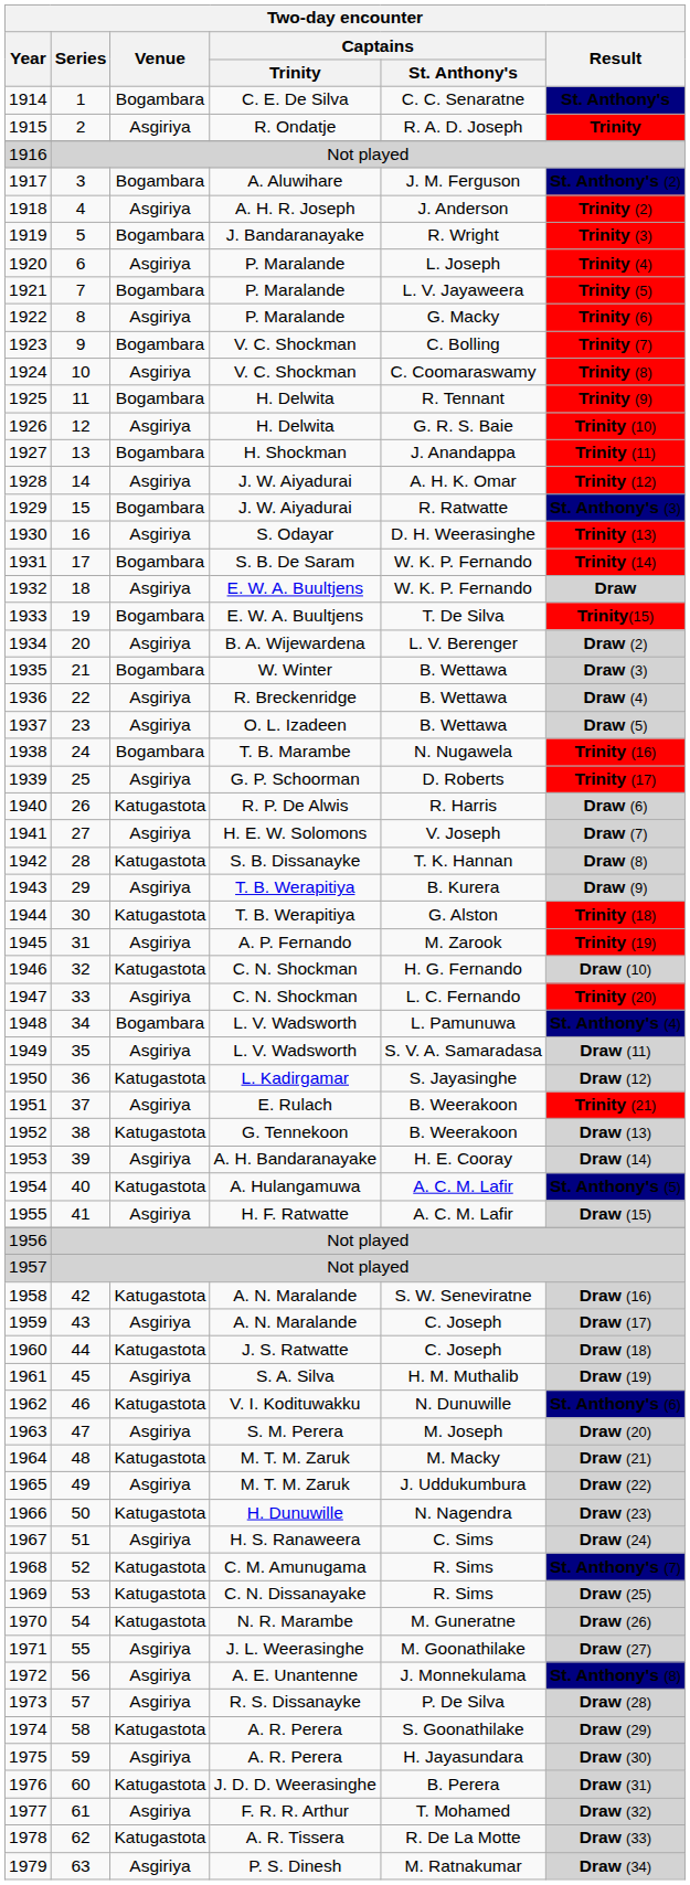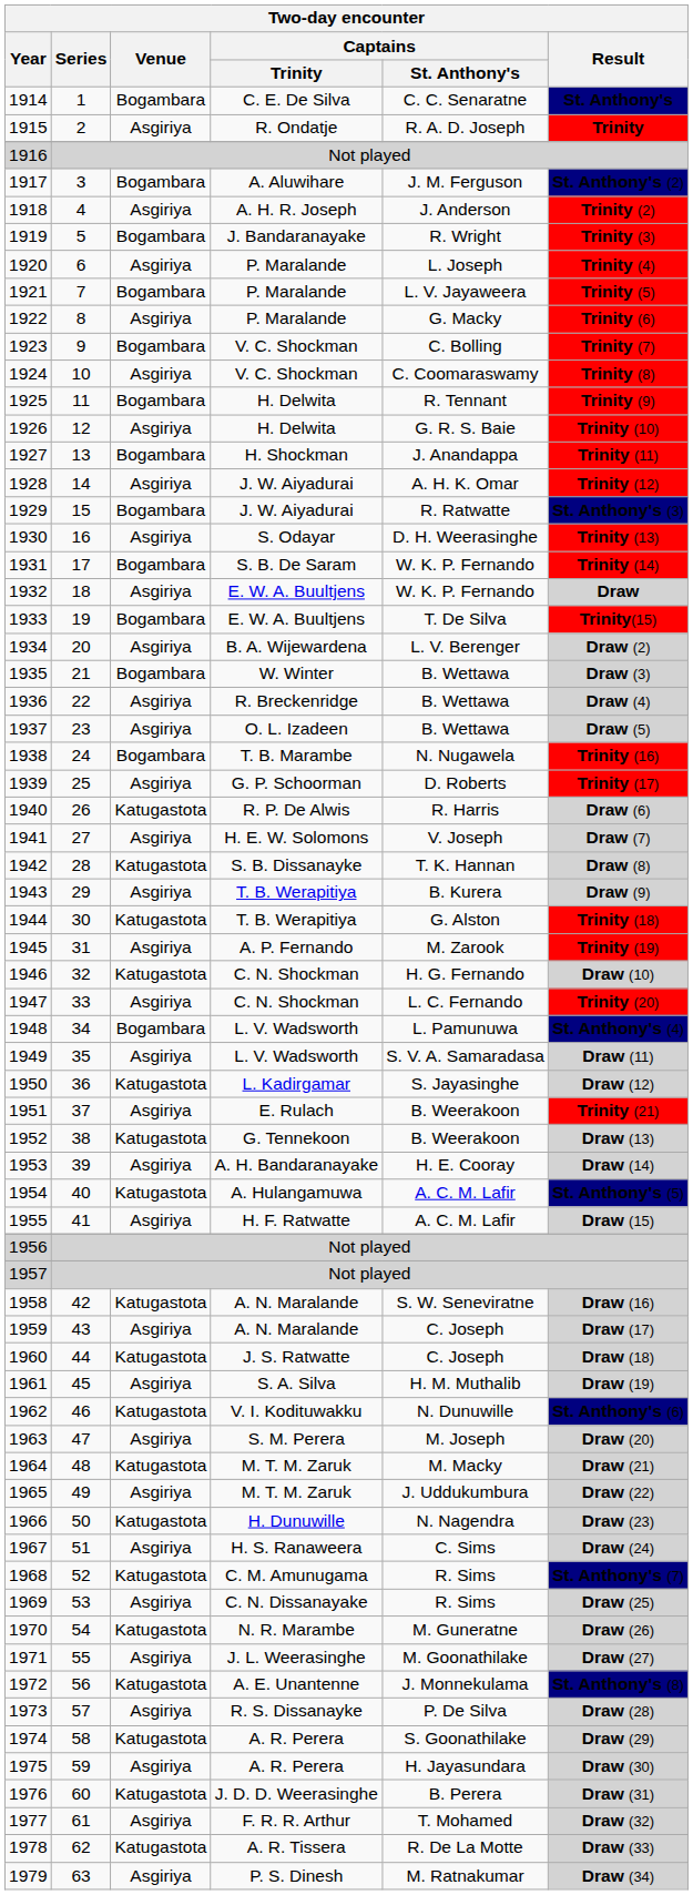 <table class="wikitable sortable sticky-header-multi mw-collapsible" style="font-size:100%; text-align:center">
 <tr>
 <th colspan=6 style="color:; background:;">Two-day encounter</th>
 </tr>
 <tr>
 <th rowspan=2 class="unsortable">Year</th>
 <th rowspan=2 class="unsortable">Series</th>
 <th rowspan=2>Venue</th>
 <th colspan=2>Captains</th>
 <th rowspan=2>Result</th>
 </tr>
 <tr>
 <th class="unsortable">Trinity</th>
 <th class="unsortable">St. Anthony's</th>
 </tr>
 <tr>
 <td align="center">1914</td>
 <td align="center">1</td>
 <td align="center">Bogambara</td>
 <td align="center">C. E. De Silva</td>
 <td align="center">C. C. Senaratne</td>
 <td bgcolor="#000080" align=center><span><strong>St. Anthony's</strong></span></td>
 </tr>
 <tr>
 <td align="center">1915</td>
 <td align="center">2</td>
 <td align="center">Asgiriya</td>
 <td align="center">R. Ondatje</td>
 <td align="center">R. A. D. Joseph</td>
 <td bgcolor="#FF0000" align=center><span><strong>Trinity</strong></span></td>
 </tr>
 <tr>
 </tr>
 <tr style="background:#D3D3D3">
 <td align="center">1916</td>
 <td colspan="5" align=center>Not played</td>
 </tr>
 <tr>
 <td align="center">1917</td>
 <td align="center">3</td>
 <td align="center">Bogambara</td>
 <td align="center">A. Aluwihare</td>
 <td align="center">J. M. Ferguson</td>
 <td bgcolor="#000080" align=center><span><strong>St. Anthony's</strong> <small>(2)</small></span></td>
 </tr>
 <tr>
 <td align="center">1918</td>
 <td align="center">4</td>
 <td align="center">Asgiriya</td>
 <td align="center">A. H. R. Joseph</td>
 <td align="center">J. Anderson</td>
 <td bgcolor="#FF0000" align=center><span><strong>Trinity</strong> <small>(2)</small></span></td>
 </tr>
 <tr>
 <td align="center">1919</td>
 <td align="center">5</td>
 <td align="center">Bogambara</td>
 <td align="center">J. Bandaranayake</td>
 <td align="center">R. Wright</td>
 <td bgcolor="#FF0000" align=center><span><strong>Trinity</strong> <small>(3)</small></span></td>
 </tr>
 <tr>
 <td align="center">1920</td>
 <td align="center">6</td>
 <td align="center">Asgiriya</td>
 <td align="center">P. Maralande</td>
 <td align="center">L. Joseph</td>
 <td bgcolor="#FF0000" align=center><span><strong>Trinity</strong> <small>(4)</small></span></td>
 </tr>
 <tr>
 <td align="center">1921</td>
 <td align="center">7</td>
 <td align="center">Bogambara</td>
 <td align="center">P. Maralande</td>
 <td align="center">L. V. Jayaweera</td>
 <td bgcolor="#FF0000" align=center><span><strong>Trinity</strong> <small>(5)</small></span></td>
 </tr>
 <tr>
 <td align="center">1922</td>
 <td align="center">8</td>
 <td align="center">Asgiriya</td>
 <td align="center">P. Maralande</td>
 <td align="center">G. Macky</td>
 <td bgcolor="#FF0000" align=center><span><strong>Trinity</strong> <small>(6)</small></span></td>
 </tr>
 <tr>
 <td align="center">1923</td>
 <td align="center">9</td>
 <td align="center">Bogambara</td>
 <td align="center">V. C. Shockman</td>
 <td align="center">C. Bolling</td>
 <td bgcolor="#FF0000" align=center><span><strong>Trinity</strong> <small>(7)</small></span></td>
 </tr>
 <tr>
 <td align="center">1924</td>
 <td align="center">10</td>
 <td align="center">Asgiriya</td>
 <td align="center">V. C. Shockman</td>
 <td align="center">C. Coomaraswamy</td>
 <td bgcolor="#FF0000" align=center><span><strong>Trinity</strong> <small>(8)</small></span></td>
 </tr>
 <tr>
 <td align="center">1925</td>
 <td align="center">11</td>
 <td align="center">Bogambara</td>
 <td align="center">H. Delwita</td>
 <td align="center">R. Tennant</td>
 <td bgcolor="#FF0000" align=center><span><strong>Trinity</strong> <small>(9)</small></span></td>
 </tr>
 <tr>
 <td align="center">1926</td>
 <td align="center">12</td>
 <td align="center">Asgiriya</td>
 <td align="center">H. Delwita</td>
 <td align="center">G. R. S. Baie</td>
 <td bgcolor="#FF0000" align=center><span><strong>Trinity</strong> <small>(10)</small></span></td>
 </tr>
 <tr>
 <td align="center">1927</td>
 <td align="center">13</td>
 <td align="center">Bogambara</td>
 <td align="center">H. Shockman</td>
 <td align="center">J. Anandappa</td>
 <td bgcolor="#FF0000" align=center><span><strong>Trinity</strong> <small>(11)</small></span></td>
 </tr>
 <tr>
 <td align="center">1928</td>
 <td align="center">14</td>
 <td align="center">Asgiriya</td>
 <td align="center">J. W. Aiyadurai</td>
 <td align="center">A. H. K. Omar</td>
 <td bgcolor="#FF0000" align=center><span><strong>Trinity</strong> <small>(12)</small></span></td>
 </tr>
 <tr>
 <td align="center">1929</td>
 <td align="center">15</td>
 <td align="center">Bogambara</td>
 <td align="center">J. W. Aiyadurai</td>
 <td align="center">R. Ratwatte</td>
 <td bgcolor="#000080" align=center><span><strong>St. Anthony's</strong> <small>(3)</small></span></td>
 </tr>
 <tr>
 <td align="center">1930</td>
 <td align="center">16</td>
 <td align="center">Asgiriya</td>
 <td align="center">S. Odayar</td>
 <td align="center">D. H. Weerasinghe</td>
 <td bgcolor="#FF0000" align=center><span><strong>Trinity</strong> <small>(13)</small></span></td>
 </tr>
 <tr>
 <td align="center">1931</td>
 <td align="center">17</td>
 <td align="center">Bogambara</td>
 <td align="center">S. B. De Saram</td>
 <td align="center">W. K. P. Fernando</td>
 <td bgcolor="#FF0000" align=center><span><strong>Trinity</strong> <small>(14)</small></span></td>
 </tr>
 <tr>
 <td align="center">1932</td>
 <td align="center">18</td>
 <td align="center">Asgiriya</td>
 <td align="center"><a href='#'>E. W. A. Buultjens</a></td>
 <td align="center">W. K. P. Fernando</td>
 <td bgcolor="#D3D3D3" align=center><span><strong>Draw</strong></span></td>
 </tr>
 <tr>
 <td align="center">1933</td>
 <td align="center">19</td>
 <td align="center">Bogambara</td>
 <td align="center">E. W. A. Buultjens</td>
 <td align="center">T. De Silva</td>
 <td bgcolor="#FF0000" align=center><span><strong>Trinity</strong><small>(15)</small></span></td>
 </tr>
 <tr>
 <td align="center">1934</td>
 <td align="center">20</td>
 <td align="center">Asgiriya</td>
 <td align="center">B. A. Wijewardena</td>
 <td align="center">L. V. Berenger</td>
 <td bgcolor="#D3D3D3" align=center><span><strong>Draw</strong> <small>(2)</small></span></td>
 </tr>
 <tr>
 <td align="center">1935</td>
 <td align="center">21</td>
 <td align="center">Bogambara</td>
 <td align="center">W. Winter</td>
 <td align="center">B. Wettawa</td>
 <td bgcolor="#D3D3D3" align=center><span><strong>Draw</strong> <small>(3)</small></span></td>
 </tr>
 <tr>
 <td align="center">1936</td>
 <td align="center">22</td>
 <td align="center">Asgiriya</td>
 <td align="center">R. Breckenridge</td>
 <td align="center">B. Wettawa</td>
 <td bgcolor="#D3D3D3" align=center><span><strong>Draw</strong> <small>(4)</small></span></td>
 </tr>
 <tr>
 <td align="center">1937</td>
 <td align="center">23</td>
 <td align="center">Asgiriya</td>
 <td align="center">O. L. Izadeen</td>
 <td align="center">B. Wettawa</td>
 <td bgcolor="#D3D3D3" align=center><span><strong>Draw</strong> <small>(5)</small></span></td>
 </tr>
 <tr>
 <td align="center">1938</td>
 <td align="center">24</td>
 <td align="center">Bogambara</td>
 <td align="center">T. B. Marambe</td>
 <td align="center">N. Nugawela</td>
 <td bgcolor="#FF0000" align=center><span><strong>Trinity</strong> <small>(16)</small></span></td>
 </tr>
 <tr>
 <td align="center">1939</td>
 <td align="center">25</td>
 <td align="center">Asgiriya</td>
 <td align="center">G. P. Schoorman</td>
 <td align="center">D. Roberts</td>
 <td bgcolor="#FF0000" align=center><span><strong>Trinity</strong> <small>(17)</small></span></td>
 </tr>
 <tr>
 <td align="center">1940</td>
 <td align="center">26</td>
 <td align="center">Katugastota</td>
 <td align="center">R. P. De Alwis</td>
 <td align="center">R. Harris</td>
 <td bgcolor="#D3D3D3" align=center><span><strong>Draw</strong> <small>(6)</small></span></td>
 </tr>
 <tr>
 <td align="center">1941</td>
 <td align="center">27</td>
 <td align="center">Asgiriya</td>
 <td align="center">H. E. W. Solomons</td>
 <td align="center">V. Joseph</td>
 <td bgcolor="#D3D3D3" align=center><span><strong>Draw</strong> <small>(7)</small></span></td>
 </tr>
 <tr>
 <td align="center">1942</td>
 <td align="center">28</td>
 <td align="center">Katugastota</td>
 <td align="center">S. B. Dissanayke</td>
 <td align="center">T. K. Hannan</td>
 <td bgcolor="#D3D3D3" align=center><span><strong>Draw</strong> <small>(8)</small></span></td>
 </tr>
 <tr>
 <td align="center">1943</td>
 <td align="center">29</td>
 <td align="center">Asgiriya</td>
 <td align="center"><a href='#'>T. B. Werapitiya</a></td>
 <td align="center">B. Kurera</td>
 <td bgcolor="#D3D3D3" align=center><span><strong>Draw</strong> <small>(9)</small></span></td>
 </tr>
 <tr>
 <td align="center">1944</td>
 <td align="center">30</td>
 <td align="center">Katugastota</td>
 <td align="center">T. B. Werapitiya</td>
 <td align="center">G. Alston</td>
 <td bgcolor="#FF0000" align=center><span><strong>Trinity</strong> <small>(18)</small></span></td>
 </tr>
 <tr>
 <td align="center">1945</td>
 <td align="center">31</td>
 <td align="center">Asgiriya</td>
 <td align="center">A. P. Fernando</td>
 <td align="center">M. Zarook</td>
 <td bgcolor="#FF0000" align=center><span><strong>Trinity</strong> <small>(19)</small></span></td>
 </tr>
 <tr>
 <td align="center">1946</td>
 <td align="center">32</td>
 <td align="center">Katugastota</td>
 <td align="center">C. N. Shockman</td>
 <td align="center">H. G. Fernando</td>
 <td bgcolor="#D3D3D3" align=center><span><strong>Draw</strong> <small>(10)</small></span></td>
 </tr>
 <tr>
 <td align="center">1947</td>
 <td align="center">33</td>
 <td align="center">Asgiriya</td>
 <td align="center">C. N. Shockman</td>
 <td align="center">L. C. Fernando</td>
 <td bgcolor="#FF0000" align=center><span><strong>Trinity</strong> <small>(20)</small></span></td>
 </tr>
 <tr>
 <td align="center">1948</td>
 <td align="center">34</td>
 <td align="center">Bogambara</td>
 <td align="center">L. V. Wadsworth</td>
 <td align="center">L. Pamunuwa</td>
 <td bgcolor="#000080" align=center><span><strong>St. Anthony's</strong> <small>(4)</small></span></td>
 </tr>
 <tr>
 <td align="center">1949</td>
 <td align="center">35</td>
 <td align="center">Asgiriya</td>
 <td align="center">L. V. Wadsworth</td>
 <td align="center">S. V. A. Samaradasa</td>
 <td bgcolor="#D3D3D3" align=center><span><strong>Draw</strong> <small>(11)</small></span></td>
 </tr>
 <tr>
 <td align="center">1950</td>
 <td align="center">36</td>
 <td align="center">Katugastota</td>
 <td align="center"><a href='#'>L. Kadirgamar</a></td>
 <td align="center">S. Jayasinghe</td>
 <td bgcolor="#D3D3D3" align=center><span><strong>Draw</strong> <small>(12)</small></span></td>
 </tr>
 <tr>
 <td align="center">1951</td>
 <td align="center">37</td>
 <td align="center">Asgiriya</td>
 <td align="center">E. Rulach</td>
 <td align="center">B. Weerakoon</td>
 <td bgcolor="#FF0000" align=center><span><strong>Trinity</strong> <small>(21)</small></span></td>
 </tr>
 <tr>
 <td align="center">1952</td>
 <td align="center">38</td>
 <td align="center">Katugastota</td>
 <td align="center">G. Tennekoon</td>
 <td align="center">B. Weerakoon</td>
 <td bgcolor="#D3D3D3" align=center><span><strong>Draw</strong> <small>(13)</small></span></td>
 </tr>
 <tr>
 <td align="center">1953</td>
 <td align="center">39</td>
 <td align="center">Asgiriya</td>
 <td align="center">A. H. Bandaranayake</td>
 <td align="center">H. E. Cooray</td>
 <td bgcolor="#D3D3D3" align=center><span><strong>Draw</strong> <small>(14)</small></span></td>
 </tr>
 <tr>
 <td align="center">1954</td>
 <td align="center">40</td>
 <td align="center">Katugastota</td>
 <td align="center">A. Hulangamuwa</td>
 <td align="center"><a href='#'>A. C. M. Lafir</a></td>
 <td bgcolor="#000080" align=center><span><strong>St. Anthony's</strong> <small>(5)</small></span></td>
 </tr>
 <tr>
 <td align="center">1955</td>
 <td align="center">41</td>
 <td align="center">Asgiriya</td>
 <td align="center">H. F. Ratwatte</td>
 <td align="center">A. C. M. Lafir</td>
 <td bgcolor="#D3D3D3" align=center><span><strong>Draw</strong> <small>(15)</small></span></td>
 </tr>
 <tr>
 </tr>
 <tr style="background:#D3D3D3">
 <td align="center">1956</td>
 <td colspan="5" align=center>Not played</td>
 </tr>
 <tr>
 </tr>
 <tr style="background:#D3D3D3">
 <td align="center">1957</td>
 <td colspan="5" align=center>Not played</td>
 </tr>
 <tr>
 <td align="center">1958</td>
 <td align="center">42</td>
 <td align="center">Katugastota</td>
 <td align="center">A. N. Maralande</td>
 <td align="center">S. W. Seneviratne</td>
 <td bgcolor="#D3D3D3" align=center><span><strong>Draw</strong> <small>(16)</small></span></td>
 </tr>
 <tr>
 <td align="center">1959</td>
 <td align="center">43</td>
 <td align="center">Asgiriya</td>
 <td align="center">A. N. Maralande</td>
 <td align="center">C. Joseph</td>
 <td bgcolor="#D3D3D3" align=center><span><strong>Draw</strong> <small>(17)</small></span></td>
 </tr>
 <tr>
 <td align="center">1960</td>
 <td align="center">44</td>
 <td align="center">Katugastota</td>
 <td align="center">J. S. Ratwatte</td>
 <td align="center">C. Joseph</td>
 <td bgcolor="#D3D3D3" align=center><span><strong>Draw</strong> <small>(18)</small></span></td>
 </tr>
 <tr>
 <td align="center">1961</td>
 <td align="center">45</td>
 <td align="center">Asgiriya</td>
 <td align="center">S. A. Silva</td>
 <td align="center">H. M. Muthalib</td>
 <td bgcolor="#D3D3D3" align=center><span><strong>Draw</strong> <small>(19)</small></span></td>
 </tr>
 <tr>
 <td align="center">1962</td>
 <td align="center">46</td>
 <td align="center">Katugastota</td>
 <td align="center">V. I. Kodituwakku</td>
 <td align="center">N. Dunuwille</td>
 <td bgcolor="#000080" align=center><span><strong>St. Anthony's</strong> <small>(6)</small></span></td>
 </tr>
 <tr>
 <td align="center">1963</td>
 <td align="center">47</td>
 <td align="center">Asgiriya</td>
 <td align="center">S. M. Perera</td>
 <td align="center">M. Joseph</td>
 <td bgcolor="#D3D3D3" align=center><span><strong>Draw</strong> <small>(20)</small></span></td>
 </tr>
 <tr>
 <td align="center">1964</td>
 <td align="center">48</td>
 <td align="center">Katugastota</td>
 <td align="center">M. T. M. Zaruk</td>
 <td align="center">M. Macky</td>
 <td bgcolor="#D3D3D3" align=center><span><strong>Draw</strong> <small>(21)</small></span></td>
 </tr>
 <tr>
 <td align="center">1965</td>
 <td align="center">49</td>
 <td align="center">Asgiriya</td>
 <td align="center">M. T. M. Zaruk</td>
 <td align="center">J. Uddukumbura</td>
 <td bgcolor="#D3D3D3" align=center><span><strong>Draw</strong> <small>(22)</small></span></td>
 </tr>
 <tr>
 <td align="center">1966</td>
 <td align="center">50</td>
 <td align="center">Katugastota</td>
 <td align="center"><a href='#'>H. Dunuwille</a></td>
 <td align="center">N. Nagendra</td>
 <td bgcolor="#D3D3D3" align=center><span><strong>Draw</strong> <small>(23)</small></span></td>
 </tr>
 <tr>
 <td align="center">1967</td>
 <td align="center">51</td>
 <td align="center">Asgiriya</td>
 <td align="center">H. S. Ranaweera</td>
 <td align="center">C. Sims</td>
 <td bgcolor="#D3D3D3" align=center><span><strong>Draw</strong> <small>(24)</small></span></td>
 </tr>
 <tr>
 <td align="center">1968</td>
 <td align="center">52</td>
 <td align="center">Katugastota</td>
 <td align="center">C. M. Amunugama</td>
 <td align="center">R. Sims</td>
 <td bgcolor="#000080" align=center><span><strong>St. Anthony's</strong> <small>(7)</small></span></td>
 </tr>
 <tr>
 <td align="center">1969</td>
 <td align="center">53</td>
-<td align="center">Katugastota</td>
+<td align="center">Asgiriya</td>
 <td align="center">C. N. Dissanayake</td>
 <td align="center">R. Sims</td>
 <td bgcolor="#D3D3D3" align=center><span><strong>Draw</strong> <small>(25)</small></span></td>
 </tr>
 <tr>
 <td align="center">1970</td>
 <td align="center">54</td>
 <td align="center">Katugastota</td>
 <td align="center">N. R. Marambe</td>
 <td align="center">M. Guneratne</td>
 <td bgcolor="#D3D3D3" align=center><span><strong>Draw</strong> <small>(26)</small></span></td>
 </tr>
 <tr>
 <td align="center">1971</td>
 <td align="center">55</td>
 <td align="center">Asgiriya</td>
 <td align="center">J. L. Weerasinghe</td>
 <td align="center">M. Goonathilake</td>
 <td bgcolor="#D3D3D3" align=center><span><strong>Draw</strong> <small>(27)</small></span></td>
 </tr>
 <tr>
 <td align="center">1972</td>
 <td align="center">56</td>
-<td align="center">Asgiriya</td>
+<td align="center">Katugastota</td>
 <td align="center">A. E. Unantenne</td>
 <td align="center">J. Monnekulama</td>
 <td bgcolor="#000080" align=center><span><strong>St. Anthony's</strong> <small>(8)</small></span></td>
 </tr>
 <tr>
 <td align="center">1973</td>
 <td align="center">57</td>
 <td align="center">Asgiriya</td>
 <td align="center">R. S. Dissanayke</td>
 <td align="center">P. De Silva</td>
 <td bgcolor="#D3D3D3" align=center><span><strong>Draw</strong> <small>(28)</small></span></td>
 </tr>
 <tr>
 <td align="center">1974</td>
 <td align="center">58</td>
 <td align="center">Katugastota</td>
 <td align="center">A. R. Perera</td>
 <td align="center">S. Goonathilake</td>
 <td bgcolor="#D3D3D3" align=center><span><strong>Draw</strong> <small>(29)</small></span></td>
 </tr>
 <tr>
 <td align="center">1975</td>
 <td align="center">59</td>
 <td align="center">Asgiriya</td>
 <td align="center">A. R. Perera</td>
 <td align="center">H. Jayasundara</td>
 <td bgcolor="#D3D3D3" align=center><span><strong>Draw</strong> <small>(30)</small></span></td>
 </tr>
 <tr>
 <td align="center">1976</td>
 <td align="center">60</td>
 <td align="center">Katugastota</td>
 <td align="center">J. D. D. Weerasinghe</td>
 <td align="center">B. Perera</td>
 <td bgcolor="#D3D3D3" align=center><span><strong>Draw</strong> <small>(31)</small></span></td>
 </tr>
 <tr>
 <td align="center">1977</td>
 <td align="center">61</td>
 <td align="center">Asgiriya</td>
 <td align="center">F. R. R. Arthur</td>
 <td align="center">T. Mohamed</td>
 <td bgcolor="#D3D3D3" align=center><span><strong>Draw</strong> <small>(32)</small></span></td>
 </tr>
 <tr>
 <td align="center">1978</td>
 <td align="center">62</td>
 <td align="center">Katugastota</td>
 <td align="center">A. R. Tissera</td>
 <td align="center">R. De La Motte</td>
 <td bgcolor="#D3D3D3" align=center><span><strong>Draw</strong> <small>(33)</small></span></td>
 </tr>
 <tr>
 <td align="center">1979</td>
 <td align="center">63</td>
 <td align="center">Asgiriya</td>
 <td align="center">P. S. Dinesh</td>
 <td align="center">M. Ratnakumar</td>
 <td bgcolor="#D3D3D3" align=center><span><strong>Draw</strong> <small>(34)</small></span></td>
 </tr>
 </table>
